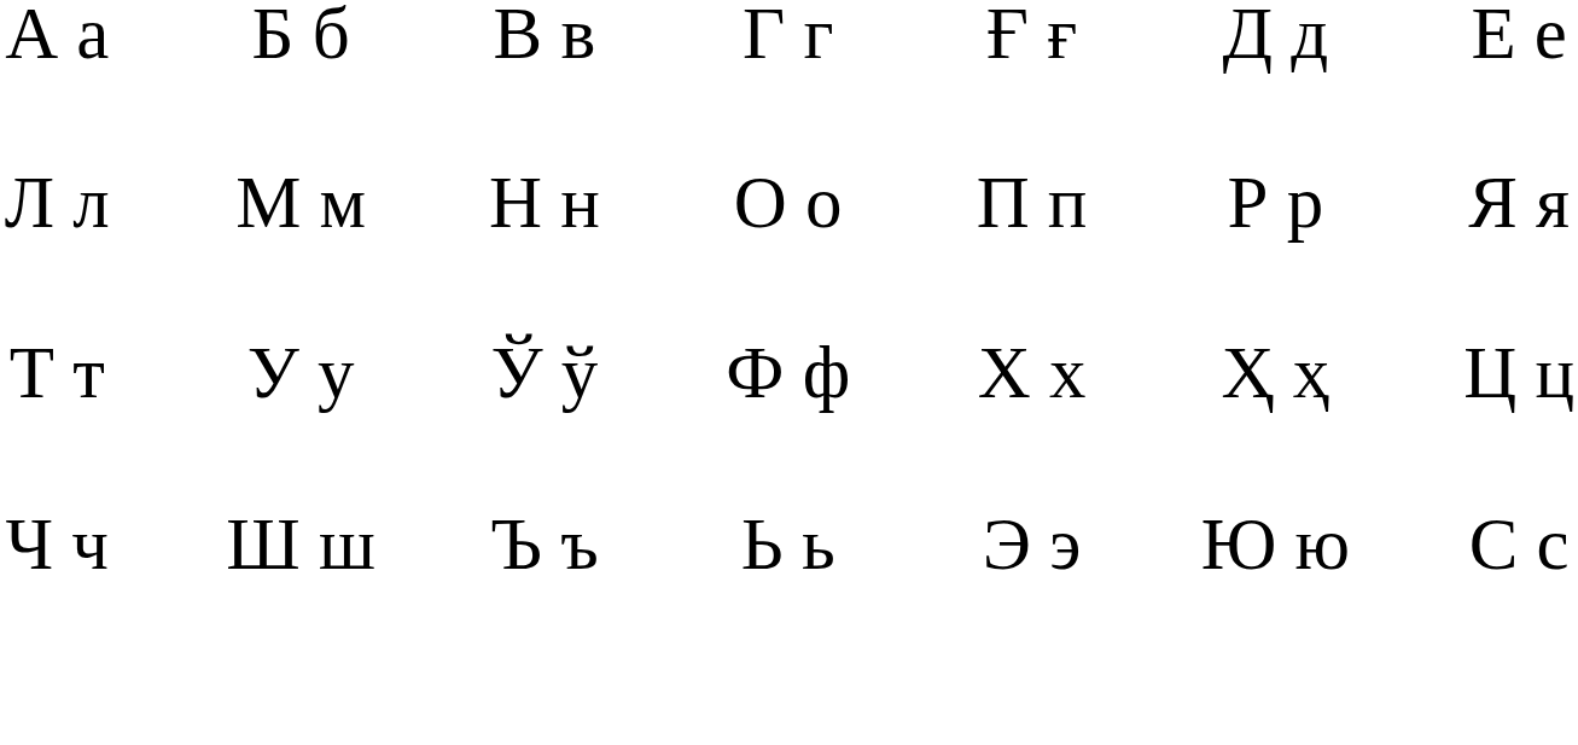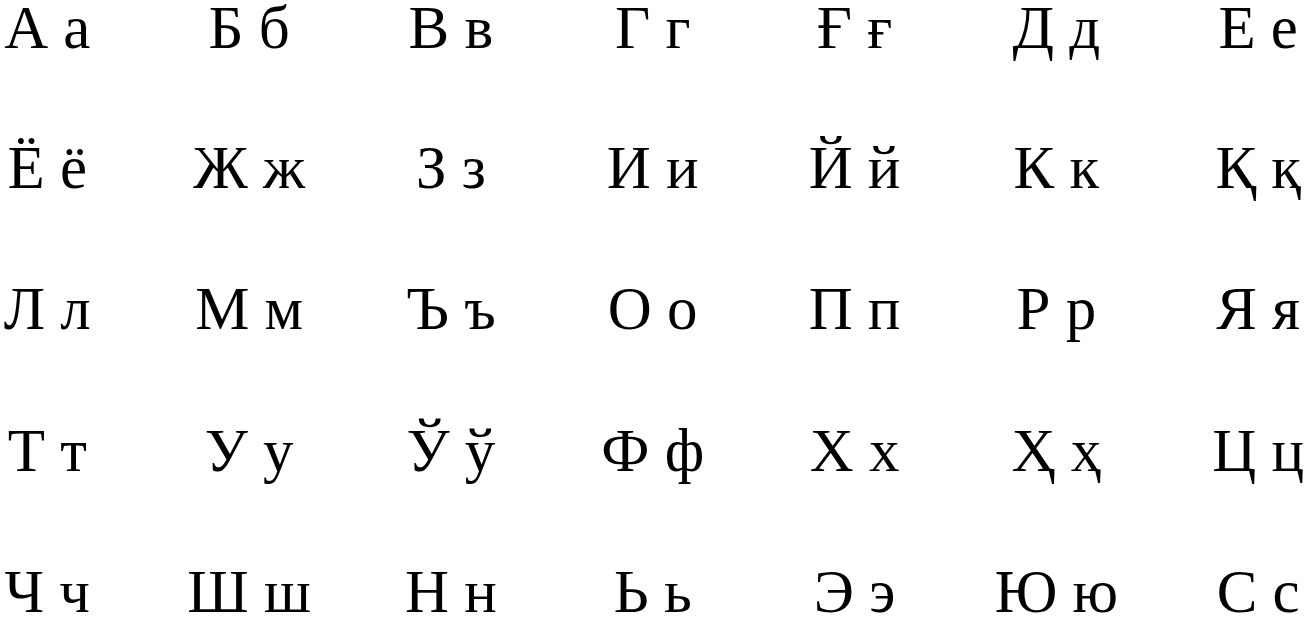 <table class="standard" cellpadding="5" style="font-size: 1.6em; font-family:'Times New Roman', serif; line-height: 2em; text-align: center;">
 <tr>
 <td style="width:3em; text-align:center; padding: 3px;">А а</td>
 <td style="width:3em; text-align:center; padding: 3px;">Б б</td>
 <td style="width:3em; text-align:center; padding: 3px;">В в</td>
 <td style="width:3em; text-align:center; padding: 3px;">Г г</td>
 <td style="width:3em; text-align:center; padding: 3px;">Ғ ғ</td>
 <td style="width:3em; text-align:center; padding: 3px;">Д д</td>
 <td style="width:3em; text-align:center; padding: 3px;">Е е</td>
 </tr>
 <tr>
+<td style="width:3em; text-align:center; padding: 3px;">Ё ё</td>
+<td style="width:3em; text-align:center; padding: 3px;">Ж ж</td>
+<td style="width:3em; text-align:center; padding: 3px;">З з</td>
+<td style="width:3em; text-align:center; padding: 3px;">И и</td>
+<td style="width:3em; text-align:center; padding: 3px;">Й й</td>
+<td style="width:3em; text-align:center; padding: 3px;">К к</td>
+<td style="width:3em; text-align:center; padding: 3px;">Қ қ</td>
+</tr>
+<tr>
 <td style="width:3em; text-align:center; padding: 3px;">Л л</td>
 <td style="width:3em; text-align:center; padding: 3px;">М м</td>
-<td style="width:3em; text-align:center; padding: 3px;">Н н</td>
+<td style="width:3em; text-align:center; padding: 3px;">Ъ ъ</td>
 <td style="width:3em; text-align:center; padding: 3px;">О о</td>
 <td style="width:3em; text-align:center; padding: 3px;">П п</td>
 <td style="width:3em; text-align:center; padding: 3px;">Р р</td>
 <td style="width:3em; text-align:center; padding: 3px;">Я я</td>
 </tr>
 <tr>
 <td style="width:3em; text-align:center; padding: 3px;">Т т</td>
 <td style="width:3em; text-align:center; padding: 3px;">У у</td>
 <td style="width:3em; text-align:center; padding: 3px;">Ў ў</td>
 <td style="width:3em; text-align:center; padding: 3px;">Ф ф</td>
 <td style="width:3em; text-align:center; padding: 3px;">Х х</td>
 <td style="width:3em; text-align:center; padding: 3px;">Ҳ ҳ</td>
 <td style="width:3em; text-align:center; padding: 3px;">Ц ц</td>
 </tr>
 <tr>
 <td style="width:3em; text-align:center; padding: 3px;">Ч ч</td>
 <td style="width:3em; text-align:center; padding: 3px;">Ш ш</td>
-<td style="width:3em; text-align:center; padding: 3px;">Ъ ъ</td>
+<td style="width:3em; text-align:center; padding: 3px;">Н н</td>
 <td style="width:3em; text-align:center; padding: 3px;">Ь ь</td>
 <td style="width:3em; text-align:center; padding: 3px;">Э э</td>
 <td style="width:3em; text-align:center; padding: 3px;">Ю ю</td>
 <td style="width:3em; text-align:center; padding: 3px;">С с</td>
 </tr>
 </table>
